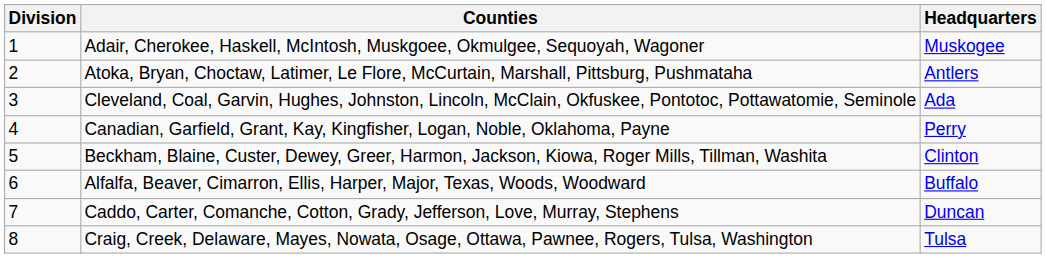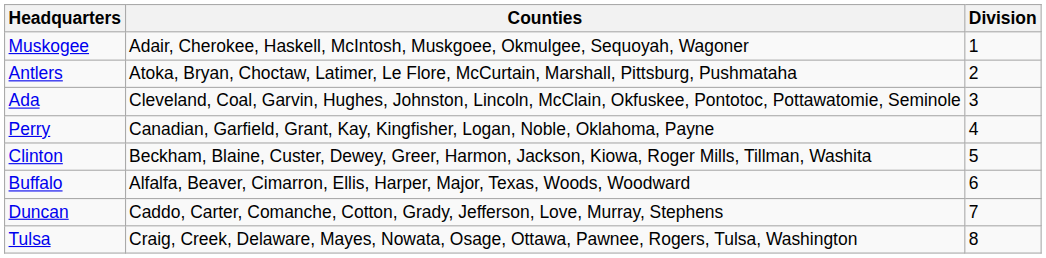 <table class="wikitable sortable">
 <tr>
+<th>Headquarters</th>
+<th>Counties</th>
 <th>Division</th>
-<th>Counties</th>
-<th>Headquarters</th>
 </tr>
 <tr>
+<td><a href='#'>Muskogee</a></td>
+<td>Adair, Cherokee, Haskell, McIntosh, Muskgoee, Okmulgee, Sequoyah, Wagoner</td>
 <td>1</td>
-<td>Adair, Cherokee, Haskell, McIntosh, Muskgoee, Okmulgee, Sequoyah, Wagoner</td>
-<td><a href='#'>Muskogee</a></td>
 </tr>
 <tr>
+<td><a href='#'>Antlers</a></td>
+<td>Atoka, Bryan, Choctaw, Latimer, Le Flore, McCurtain, Marshall, Pittsburg, Pushmataha</td>
 <td>2</td>
-<td>Atoka, Bryan, Choctaw, Latimer, Le Flore, McCurtain, Marshall, Pittsburg, Pushmataha</td>
-<td><a href='#'>Antlers</a></td>
 </tr>
 <tr>
+<td><a href='#'>Ada</a></td>
+<td>Cleveland, Coal, Garvin, Hughes, Johnston, Lincoln, McClain, Okfuskee, Pontotoc, Pottawatomie, Seminole</td>
 <td>3</td>
-<td>Cleveland, Coal, Garvin, Hughes, Johnston, Lincoln, McClain, Okfuskee, Pontotoc, Pottawatomie, Seminole</td>
-<td><a href='#'>Ada</a></td>
 </tr>
 <tr>
+<td><a href='#'>Perry</a></td>
+<td>Canadian, Garfield, Grant, Kay, Kingfisher, Logan, Noble, Oklahoma, Payne</td>
 <td>4</td>
-<td>Canadian, Garfield, Grant, Kay, Kingfisher, Logan, Noble, Oklahoma, Payne</td>
-<td><a href='#'>Perry</a></td>
 </tr>
 <tr>
+<td><a href='#'>Clinton</a></td>
+<td>Beckham, Blaine, Custer, Dewey, Greer, Harmon, Jackson, Kiowa, Roger Mills, Tillman, Washita</td>
 <td>5</td>
-<td>Beckham, Blaine, Custer, Dewey, Greer, Harmon, Jackson, Kiowa, Roger Mills, Tillman, Washita</td>
-<td><a href='#'>Clinton</a></td>
 </tr>
 <tr>
+<td><a href='#'>Buffalo</a></td>
+<td>Alfalfa, Beaver, Cimarron, Ellis, Harper, Major, Texas, Woods, Woodward</td>
 <td>6</td>
-<td>Alfalfa, Beaver, Cimarron, Ellis, Harper, Major, Texas, Woods, Woodward</td>
-<td><a href='#'>Buffalo</a></td>
 </tr>
 <tr>
+<td><a href='#'>Duncan</a></td>
+<td>Caddo, Carter, Comanche, Cotton, Grady, Jefferson, Love, Murray, Stephens</td>
 <td>7</td>
-<td>Caddo, Carter, Comanche, Cotton, Grady, Jefferson, Love, Murray, Stephens</td>
-<td><a href='#'>Duncan</a></td>
 </tr>
 <tr>
+<td><a href='#'>Tulsa</a></td>
+<td>Craig, Creek, Delaware, Mayes, Nowata, Osage, Ottawa, Pawnee, Rogers, Tulsa, Washington</td>
 <td>8</td>
-<td>Craig, Creek, Delaware, Mayes, Nowata, Osage, Ottawa, Pawnee, Rogers, Tulsa, Washington</td>
-<td><a href='#'>Tulsa</a></td>
 </tr>
 </table>
